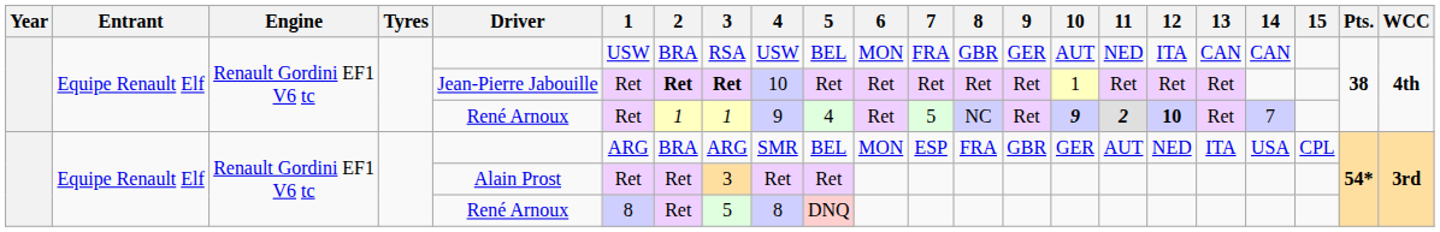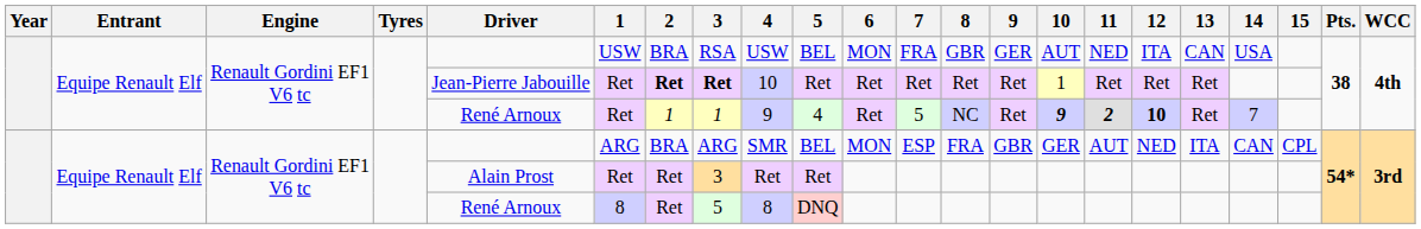 <table class="wikitable" style="text-align:center; font-size:95%">
 <tr>
 <th>Year</th>
 <th>Entrant</th>
 <th>Engine</th>
 <th>Tyres</th>
 <th>Driver</th>
 <th>1</th>
 <th>2</th>
 <th>3</th>
 <th>4</th>
 <th>5</th>
 <th>6</th>
 <th>7</th>
 <th>8</th>
 <th>9</th>
 <th>10</th>
 <th>11</th>
 <th>12</th>
 <th>13</th>
 <th>14</th>
 <th>15</th>
 <th>Pts.</th>
 <th>WCC</th>
 </tr>
 <tr>
 <th rowspan="3"></th>
 <td rowspan="3"><a href='#'>Equipe Renault</a> <a href='#'>Elf</a></td>
 <td rowspan="3"><a href='#'>Renault Gordini</a> EF1<br><a href='#'>V6</a> <a href='#'>tc</a></td>
 <td rowspan="3"></td>
 <td></td>
 <td><a href='#'>USW</a></td>
 <td><a href='#'>BRA</a></td>
 <td><a href='#'>RSA</a></td>
 <td><a href='#'>USW</a></td>
 <td><a href='#'>BEL</a></td>
 <td><a href='#'>MON</a></td>
 <td><a href='#'>FRA</a></td>
 <td><a href='#'>GBR</a></td>
 <td><a href='#'>GER</a></td>
 <td><a href='#'>AUT</a></td>
 <td><a href='#'>NED</a></td>
 <td><a href='#'>ITA</a></td>
 <td><a href='#'>CAN</a></td>
-<td><a href='#'>CAN</a></td>
+<td><a href='#'>USA</a></td>
 <td></td>
 <td rowspan="3"><strong>38</strong></td>
 <td rowspan="3"><strong>4th</strong></td>
 </tr>
 <tr>
 <td> <a href='#'>Jean-Pierre Jabouille</a></td>
 <td style="background:#efcfff;">Ret</td>
 <td style="background:#efcfff;"><strong>Ret</strong></td>
 <td style="background:#efcfff;"><strong>Ret</strong></td>
 <td style="background:#cfcfff;">10</td>
 <td style="background:#efcfff;">Ret</td>
 <td style="background:#efcfff;">Ret</td>
 <td style="background:#efcfff;">Ret</td>
 <td style="background:#efcfff;">Ret</td>
 <td style="background:#efcfff;">Ret</td>
 <td style="background:#ffffbf;">1</td>
 <td style="background:#efcfff;">Ret</td>
 <td style="background:#efcfff;">Ret</td>
 <td style="background:#efcfff;">Ret</td>
 <td></td>
 <td></td>
 </tr>
 <tr>
 <td> <a href='#'>René Arnoux</a></td>
 <td style="background:#efcfff;">Ret</td>
 <td style="background:#ffffbf;"><em>1</em></td>
 <td style="background:#ffffbf;"><em>1</em></td>
 <td style="background:#cfcfff;">9</td>
 <td style="background:#dfffdf;">4</td>
 <td style="background:#efcfff;">Ret</td>
 <td style="background:#dfffdf;">5</td>
 <td style="background:#cfcfff;">NC</td>
 <td style="background:#efcfff;">Ret</td>
 <td style="background:#cfcfff;"><strong><em>9</em></strong></td>
 <td style="background:#dfdfdf;"><strong><em>2</em></strong></td>
 <td style="background:#cfcfff;"><strong>10</strong></td>
 <td style="background:#efcfff;">Ret</td>
 <td style="background:#cfcfff;">7</td>
 <td></td>
 </tr>
 <tr>
 <th rowspan="3"></th>
 <td rowspan="3"><a href='#'>Equipe Renault</a> <a href='#'>Elf</a></td>
 <td rowspan="3"><a href='#'>Renault Gordini</a> EF1<br><a href='#'>V6</a> <a href='#'>tc</a></td>
 <td rowspan="3"></td>
 <td></td>
 <td><a href='#'>ARG</a></td>
 <td><a href='#'>BRA</a></td>
 <td><a href='#'>ARG</a></td>
 <td><a href='#'>SMR</a></td>
 <td><a href='#'>BEL</a></td>
 <td><a href='#'>MON</a></td>
 <td><a href='#'>ESP</a></td>
 <td><a href='#'>FRA</a></td>
 <td><a href='#'>GBR</a></td>
 <td><a href='#'>GER</a></td>
 <td><a href='#'>AUT</a></td>
 <td><a href='#'>NED</a></td>
 <td><a href='#'>ITA</a></td>
-<td><a href='#'>USA</a></td>
+<td><a href='#'>CAN</a></td>
 <td><a href='#'>CPL</a></td>
 <td rowspan="3" style="background:#ffdf9f;"><strong>54*</strong></td>
 <td rowspan="3" style="background:#ffdf9f;"><strong>3rd</strong></td>
 </tr>
 <tr>
 <td> <a href='#'>Alain Prost</a></td>
 <td style="background:#efcfff;">Ret</td>
 <td style="background:#efcfff;">Ret</td>
 <td style="background:#ffdf9f;">3</td>
 <td style="background:#efcfff;">Ret</td>
 <td style="background:#efcfff;">Ret</td>
 <td></td>
 <td></td>
 <td></td>
 <td></td>
 <td></td>
 <td></td>
 <td></td>
 <td></td>
 <td></td>
 <td></td>
 </tr>
 <tr>
 <td> <a href='#'>René Arnoux</a></td>
 <td style="background:#cfcfff;">8</td>
 <td style="background:#efcfff;">Ret</td>
 <td style="background:#dfffdf;">5</td>
 <td style="background:#cfcfff;">8</td>
 <td style="background:#FFCFCF;">DNQ</td>
 <td></td>
 <td></td>
 <td></td>
 <td></td>
 <td></td>
 <td></td>
 <td></td>
 <td></td>
 <td></td>
 <td></td>
 </tr>
 </table>
